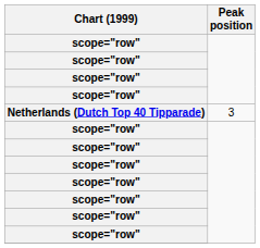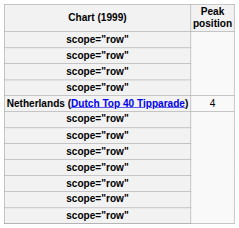 <table class="wikitable sortable plainrowheaders" style="text-align:center;">
 <tr>
 <th scope="col">Chart (1999)</th>
 <th scope="col">Peak<br>position</th>
 </tr>
 <tr>
 <th>scope="row"</th>
 </tr>
 <tr>
 <th>scope="row"</th>
 </tr>
 <tr>
 <th>scope="row"</th>
 </tr>
 <tr>
 <th>scope="row"</th>
 </tr>
 <tr>
 <th scope="row">Netherlands (<a href='#'>Dutch Top 40 Tipparade</a>)</th>
-<td align="center">3</td>
+<td align="center">4</td>
 </tr>
 <tr>
 <th>scope="row"</th>
 </tr>
 <tr>
 <th>scope="row"</th>
 </tr>
 <tr>
 <th>scope="row"</th>
 </tr>
 <tr>
 <th>scope="row"</th>
 </tr>
 <tr>
 <th>scope="row"</th>
 </tr>
 <tr>
 <th>scope="row"</th>
 </tr>
 <tr>
 <th>scope="row"</th>
 </tr>
 <tr>
 </tr>
 <tr>
 </tr>
 <tr>
 </tr>
 </table>
